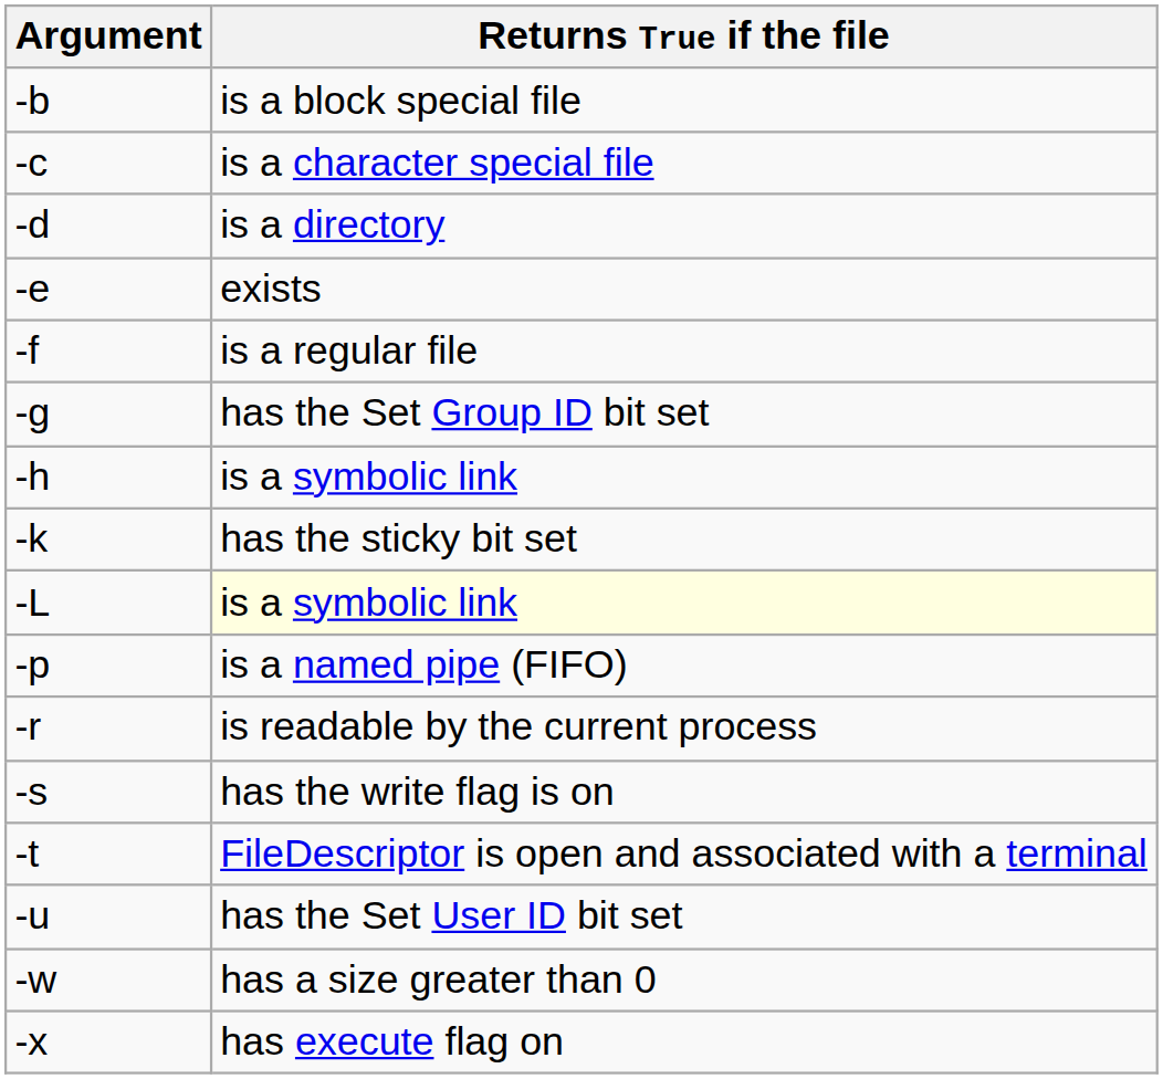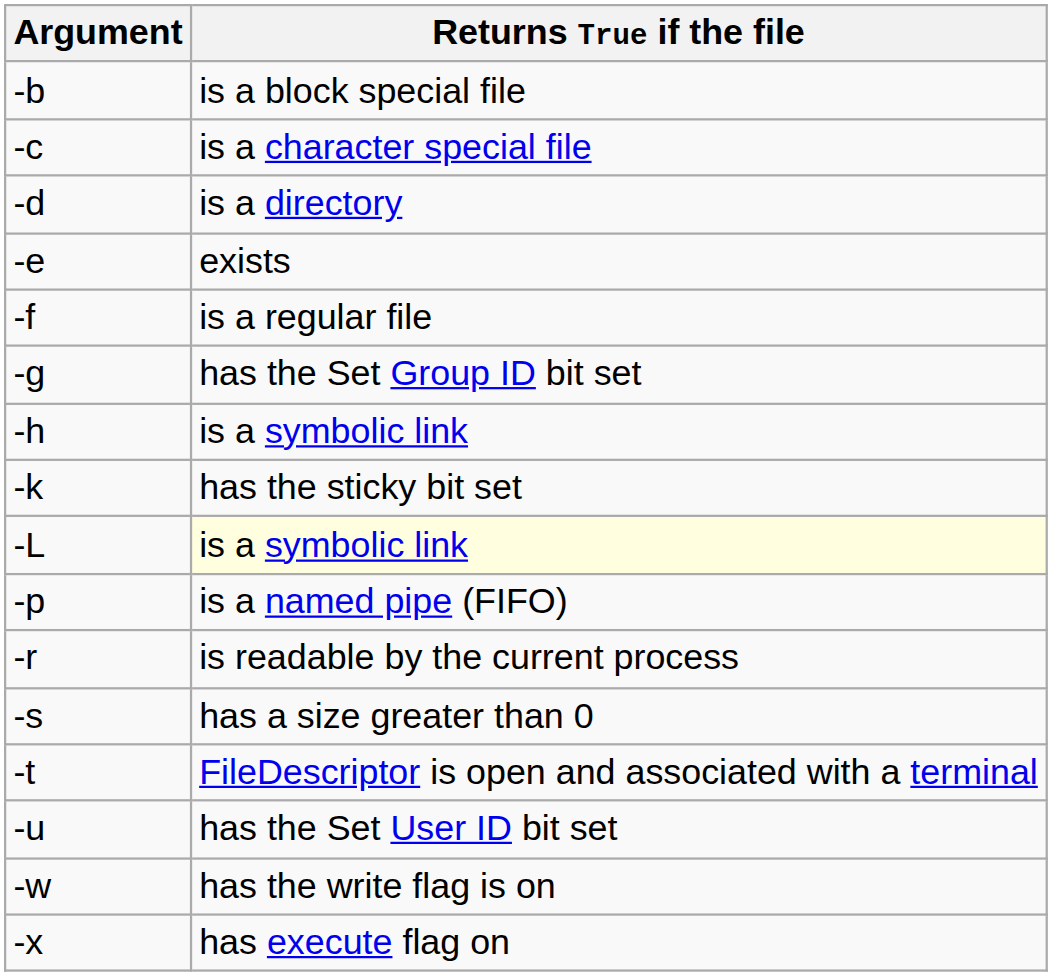 <table class="wikitable">
 <tr>
 <th>Argument</th>
 <th>Returns <code>True</code> if the file</th>
 </tr>
 <tr>
 <td>-b</td>
 <td>is a block special file</td>
 </tr>
 <tr>
 <td>-c</td>
 <td>is a <a href='#'>character special file</a></td>
 </tr>
 <tr>
 <td>-d</td>
 <td>is a <a href='#'>directory</a></td>
 </tr>
 <tr>
 <td>-e</td>
 <td>exists</td>
 </tr>
 <tr>
 <td>-f</td>
 <td>is a regular file</td>
 </tr>
 <tr>
 <td>-g</td>
 <td>has the Set <a href='#'>Group ID</a> bit set</td>
 </tr>
 <tr>
 <td>-h</td>
 <td>is a <a href='#'>symbolic link</a></td>
 </tr>
 <tr>
 <td>-k</td>
 <td>has the sticky bit set</td>
 </tr>
 <tr>
 <td>-L</td>
 <td style="background: lightyellow;">is a <a href='#'>symbolic link</a></td>
 </tr>
 <tr>
 <td>-p</td>
 <td>is a <a href='#'>named pipe</a> (FIFO)</td>
 </tr>
 <tr>
 <td>-r</td>
 <td>is readable by the current process</td>
 </tr>
 <tr>
 <td>-s</td>
-<td>has the write flag is on</td>
+<td>has a size greater than 0</td>
 </tr>
 <tr>
 <td>-t</td>
 <td><a href='#'>FileDescriptor</a> is open and associated with a <a href='#'>terminal</a></td>
 </tr>
 <tr>
 <td>-u</td>
 <td>has the Set <a href='#'>User ID</a> bit set</td>
 </tr>
 <tr>
 <td>-w</td>
-<td>has a size greater than 0</td>
+<td>has the write flag is on</td>
 </tr>
 <tr>
 <td>-x</td>
 <td>has <a href='#'>execute</a> flag on</td>
 </tr>
 </table>
